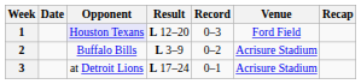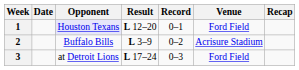 <table class="wikitable" style="text-align:center">
 <tr>
 <th>Week</th>
 <th>Date</th>
 <th>Opponent</th>
 <th>Result</th>
 <th>Record</th>
 <th>Venue</th>
 <th>Recap</th>
 </tr>
 <tr>
 <th>1</th>
 <td></td>
 <td style="background: lavender;"><a href='#'>Houston Texans</a></td>
 <td><strong>L</strong> 12–20</td>
-<td>0–3</td>
+<td>0–1</td>
 <td><a href='#'>Ford Field</a></td>
 <td></td>
 </tr>
 <tr>
 <th>2</th>
 <td></td>
 <td><a href='#'>Buffalo Bills</a></td>
 <td><strong>L</strong> 3–9</td>
 <td>0–2</td>
 <td><a href='#'>Acrisure Stadium</a></td>
 <td></td>
 </tr>
 <tr>
 <th>3</th>
 <td></td>
 <td>at <a href='#'>Detroit Lions</a></td>
 <td><strong>L</strong> 17–24</td>
-<td>0–1</td>
-<td><a href='#'>Acrisure Stadium</a></td>
+<td>0–3</td>
+<td><a href='#'>Ford Field</a></td>
 <td></td>
 </tr>
 </table>
